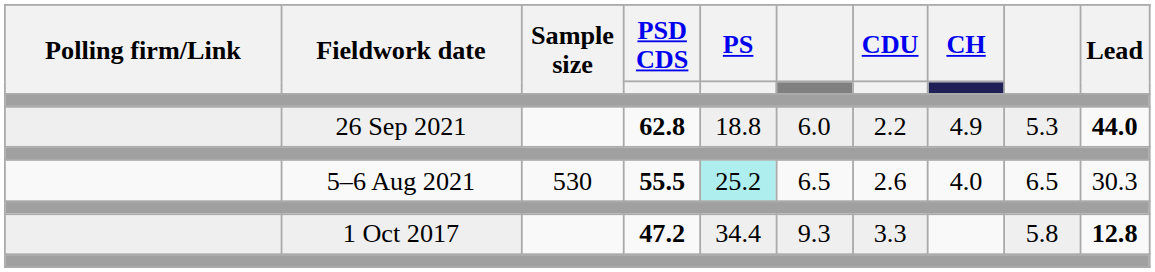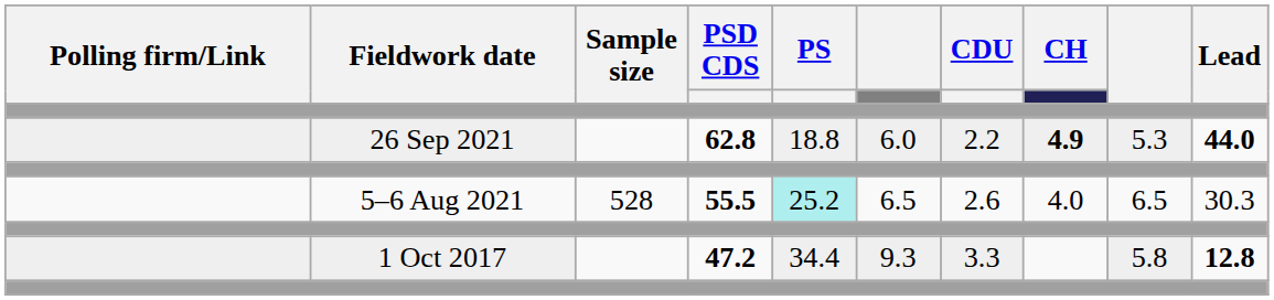 <table class="wikitable sortable mw-datatable" style="text-align:center;font-size:90%;line-height:16px;">
 <tr style="height:42px;">
 <th style="width:145px;" rowspan="2">Polling firm/Link</th>
 <th style="width:125px;" rowspan="2">Fieldwork date</th>
 <th class="unsortable" style="width:50px;" rowspan="2">Sample size</th>
 <th class="unsortable" style="width:35px;"><a href='#'>PSD</a><br><a href='#'>CDS</a></th>
 <th class="unsortable" style="width:35px;"><a href='#'>PS</a></th>
 <th class="unsortable" style="width:35px;"></th>
 <th class="unsortable" style="width:35px;"><a href='#'>CDU</a></th>
 <th class="unsortable" style="width:35px;"><a href='#'>CH</a></th>
 <th class="unsortable" style="width:35px;" rowspan="2"></th>
 <th class="unsortable" style="width:30px;" rowspan="2">Lead</th>
 </tr>
 <tr>
 <th class="unsortable" style="color:inherit;background:"></th>
 <th class="unsortable" style="color:inherit;background:"></th>
 <th class="unsortable" style="color:inherit;background:gray;"></th>
 <th class="unsortable" style="color:inherit;background:"></th>
 <th class="sortable" style="background:#202056;"></th>
 </tr>
 <tr>
 <td colspan="13" style="background:#A0A0A0"></td>
 </tr>
 <tr>
 <td style="background:#EFEFEF;"><strong></strong></td>
 <td style="background:#EFEFEF;" data-sort-value="2019-10-06">26 Sep 2021</td>
 <td></td>
 <td><strong>62.8</strong><br></td>
 <td style="background:#EFEFEF;">18.8<br></td>
 <td style="background:#EFEFEF;">6.0<br></td>
 <td style="background:#EFEFEF;">2.2<br></td>
-<td style="background:#EFEFEF;">4.9<br></td>
+<td style="background:#EFEFEF;"><strong>4.9<br></strong></td>
 <td style="background:#EFEFEF;">5.3</td>
 <td style="background:"><strong>44.0</strong></td>
 </tr>
 <tr>
 <td colspan="13" style="background:#A0A0A0"></td>
 </tr>
 <tr>
 <td align="center"></td>
 <td align="center">5–6 Aug 2021</td>
-<td align="center">530</td>
+<td align="center">528</td>
 <td align="center" ><strong>55.5</strong></td>
 <td align="center" style="background: paleturquoise;">25.2</td>
 <td align="center">6.5</td>
 <td align="center">2.6</td>
 <td align="center">4.0</td>
 <td align="center">6.5</td>
 <td style="background:">30.3</td>
 </tr>
 <tr>
 <td colspan="13" style="background:#A0A0A0"></td>
 </tr>
 <tr>
 <td style="background:#EFEFEF;"><strong></strong></td>
 <td style="background:#EFEFEF;" data-sort-value="2019-10-06">1 Oct 2017</td>
 <td></td>
 <td><strong>47.2</strong><br></td>
 <td style="background:#EFEFEF;">34.4<br></td>
 <td style="background:#EFEFEF;">9.3<br></td>
 <td style="background:#EFEFEF;">3.3<br></td>
 <td></td>
 <td style="background:#EFEFEF;">5.8</td>
 <td style="background:"><strong>12.8</strong></td>
 </tr>
 <tr>
 <td colspan="13" style="background:#A0A0A0"></td>
 </tr>
 </table>
